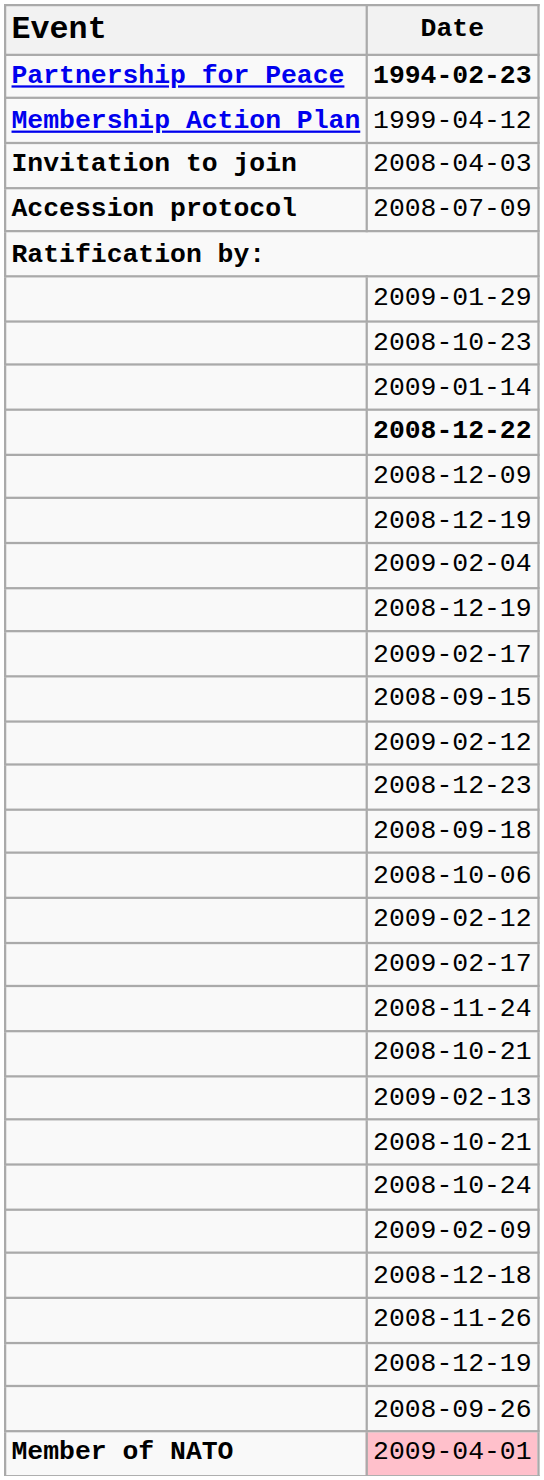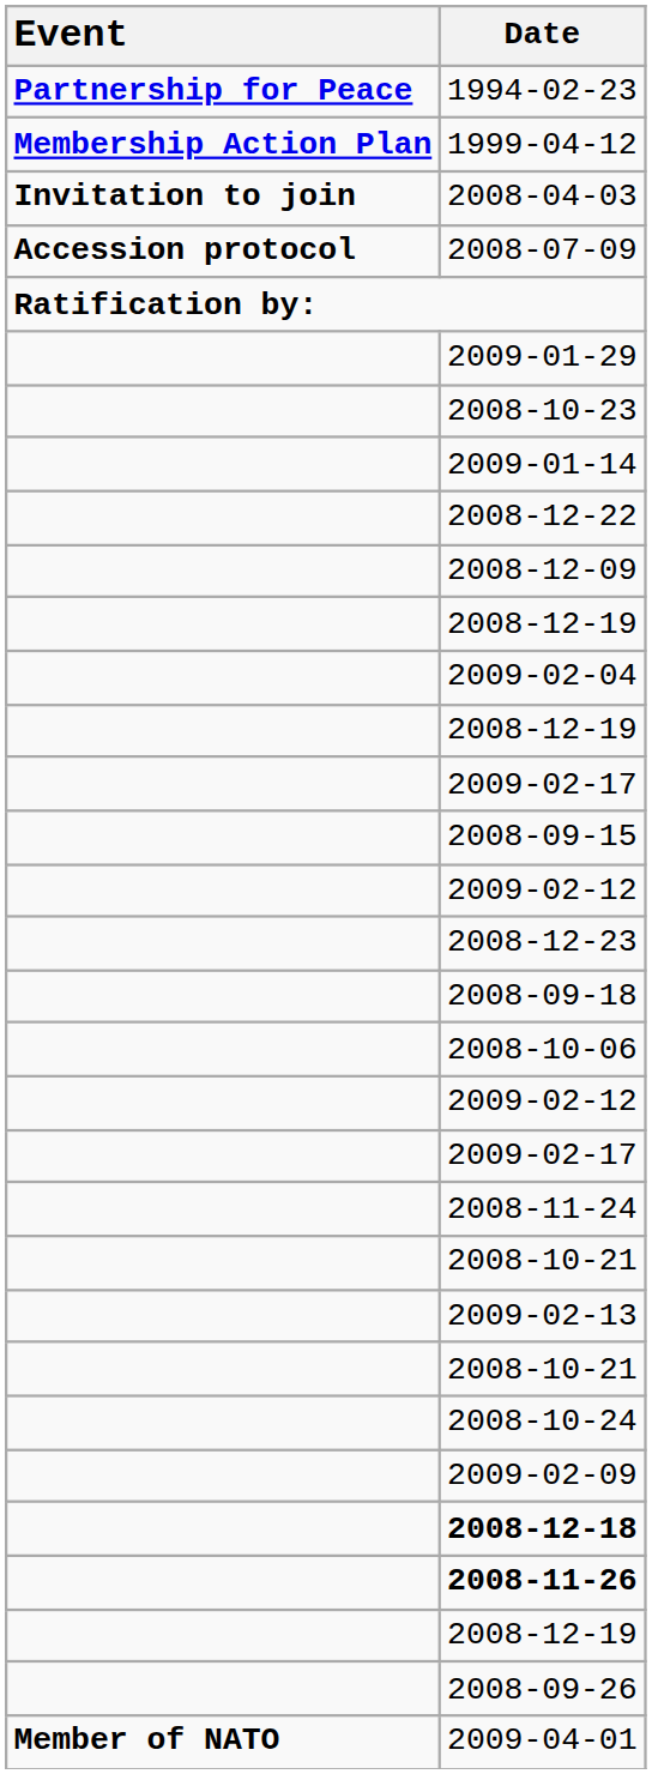 <table class="wikitable sortable" style="text-align:center; font-size:90%;">
 <tr>
 <th style="text-align:left;"><big>Event</big></th>
 <th>Date</th>
 </tr>
 <tr>
 <td style="text-align:left;"><strong><a href='#'>Partnership for Peace</a></strong></td>
-<td><strong>1994-02-23</strong></td>
+<td>1994-02-23</td>
 </tr>
 <tr>
 <td style="text-align:left;"><strong><a href='#'>Membership Action Plan</a></strong></td>
 <td>1999-04-12</td>
 </tr>
 <tr>
 <td style="text-align:left;"><strong>Invitation to join</strong></td>
 <td>2008-04-03</td>
 </tr>
 <tr>
 <td style="text-align:left;"><strong>Accession protocol</strong></td>
 <td>2008-07-09</td>
 </tr>
 <tr>
 <td colspan="8" style="text-align:left;"><strong>Ratification by:</strong></td>
 </tr>
 <tr>
 <td style="text-align:left;"></td>
 <td>2009-01-29</td>
 </tr>
 <tr>
 <td style="text-align:left;"></td>
 <td>2008-10-23</td>
 </tr>
 <tr>
 <td style="text-align:left;"></td>
 <td>2009-01-14</td>
 </tr>
 <tr>
 <td style="text-align:left;"></td>
-<td><strong>2008-12-22</strong></td>
+<td>2008-12-22</td>
 </tr>
 <tr>
 <td style="text-align:left;"></td>
 <td>2008-12-09</td>
 </tr>
 <tr>
 <td style="text-align:left;"></td>
 <td>2008-12-19</td>
 </tr>
 <tr>
 <td style="text-align:left;"></td>
 <td>2009-02-04</td>
 </tr>
 <tr>
 <td style="text-align:left;"></td>
 <td>2008-12-19</td>
 </tr>
 <tr>
 <td style="text-align:left;"></td>
 <td>2009-02-17</td>
 </tr>
 <tr>
 <td style="text-align:left;"></td>
 <td>2008-09-15</td>
 </tr>
 <tr>
 <td style="text-align:left;"></td>
 <td>2009-02-12</td>
 </tr>
 <tr>
 <td style="text-align:left;"></td>
 <td>2008-12-23</td>
 </tr>
 <tr>
 <td style="text-align:left;"></td>
 <td>2008-09-18</td>
 </tr>
 <tr>
 <td style="text-align:left;"></td>
 <td>2008-10-06</td>
 </tr>
 <tr>
 <td style="text-align:left;"></td>
 <td>2009-02-12</td>
 </tr>
 <tr>
 <td style="text-align:left;"></td>
 <td>2009-02-17</td>
 </tr>
 <tr>
 <td style="text-align:left;"></td>
 <td>2008-11-24</td>
 </tr>
 <tr>
 <td style="text-align:left;"></td>
 <td>2008-10-21</td>
 </tr>
 <tr>
 <td style="text-align:left;"></td>
 <td>2009-02-13</td>
 </tr>
 <tr>
 <td style="text-align:left;"></td>
 <td>2008-10-21</td>
 </tr>
 <tr>
 <td style="text-align:left;"></td>
 <td>2008-10-24</td>
 </tr>
 <tr>
 <td style="text-align:left;"></td>
 <td>2009-02-09</td>
 </tr>
 <tr>
 <td style="text-align:left;"></td>
-<td>2008-12-18</td>
+<td><strong>2008-12-18</strong></td>
 </tr>
 <tr>
 <td style="text-align:left;"></td>
-<td>2008-11-26</td>
+<td><strong>2008-11-26</strong></td>
 </tr>
 <tr>
 <td style="text-align:left;"></td>
 <td>2008-12-19</td>
 </tr>
 <tr>
 <td style="text-align:left;"></td>
 <td>2008-09-26</td>
 </tr>
 <tr>
 <td style="text-align:left;"><strong>Member of NATO</strong></td>
-<td style="background: pink;">2009-04-01</td>
+<td>2009-04-01</td>
 </tr>
 <tr>
 </tr>
 </table>
